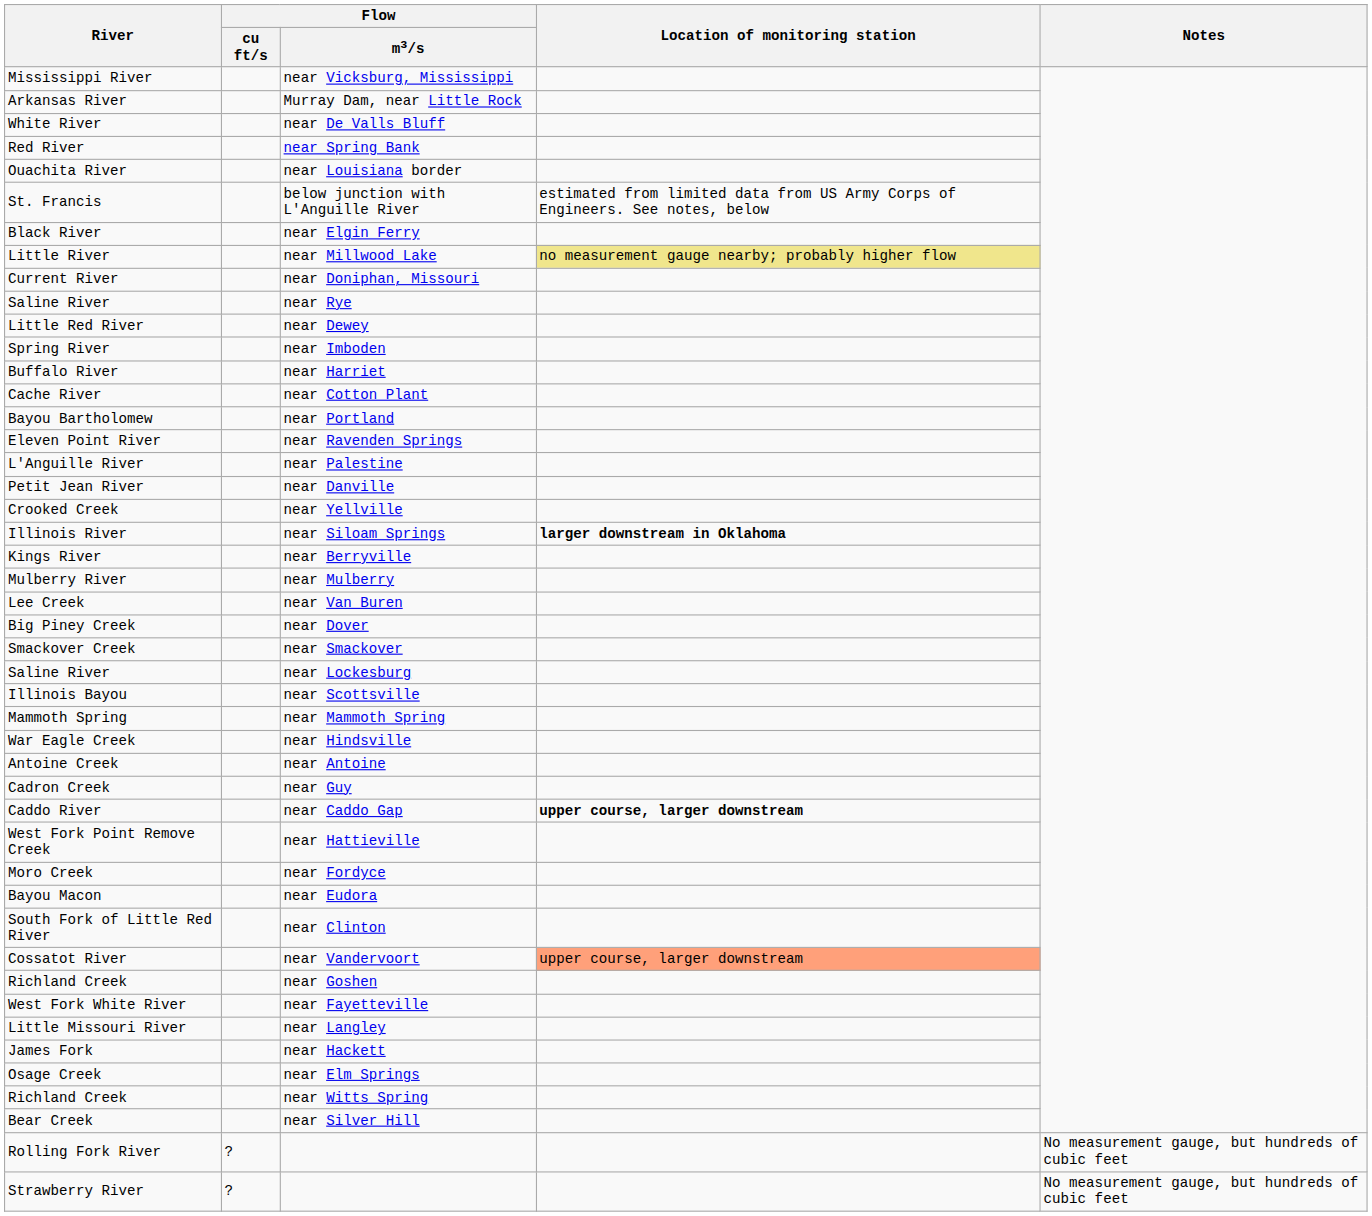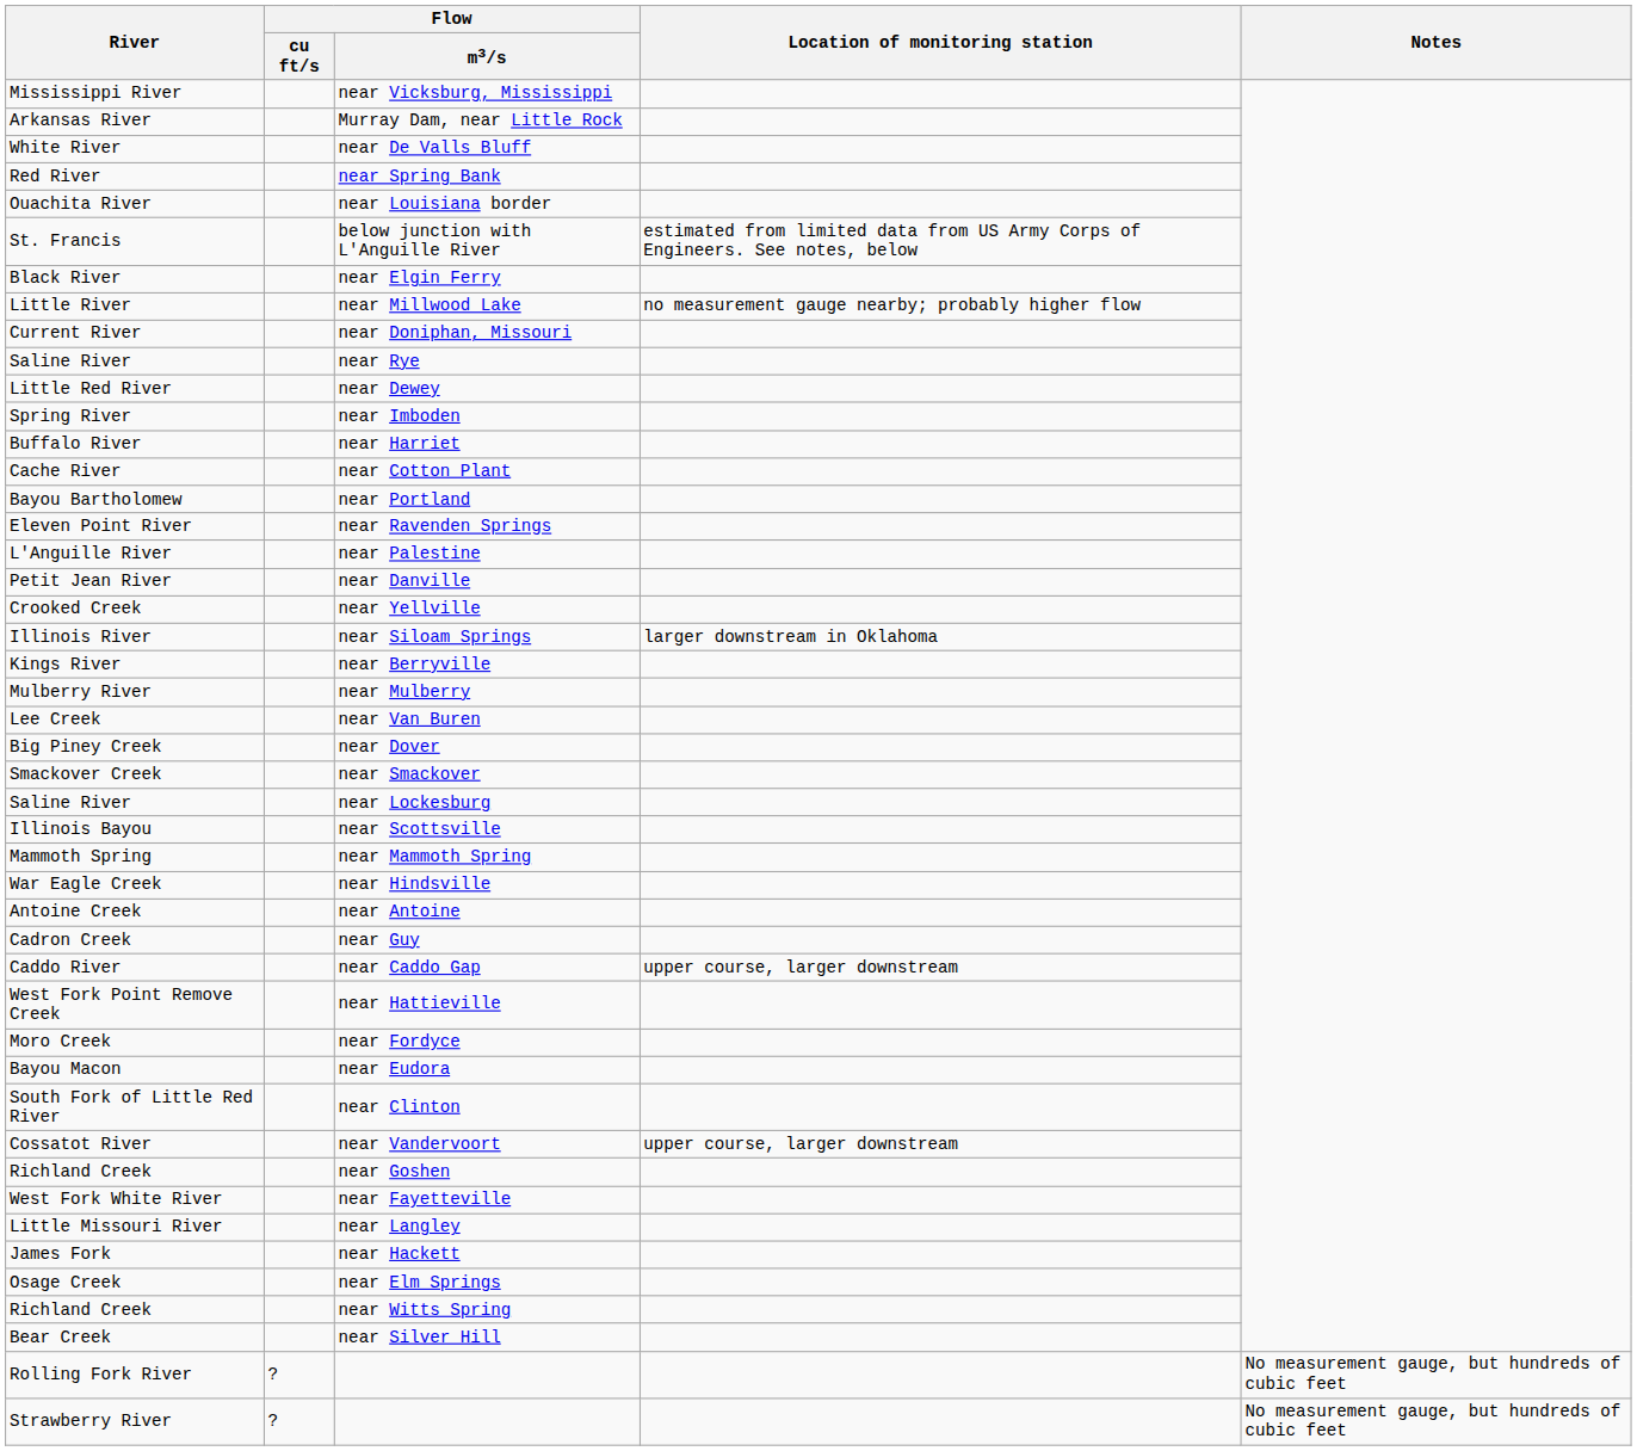 <table class="wikitable sortable">
 <tr>
 <th rowspan=2>River</th>
 <th colspan=2>Flow</th>
 <th rowspan=2>Location of monitoring station</th>
 <th rowspan=2>Notes</th>
 </tr>
 <tr>
 <th>cu ft/s</th>
 <th>m<sup>3</sup>/s</th>
 </tr>
 <tr>
 <td>Mississippi River</td>
 <td></td>
 <td>near <a href='#'>Vicksburg, Mississippi</a></td>
 <td></td>
 </tr>
 <tr>
 <td>Arkansas River</td>
 <td></td>
 <td>Murray Dam, near <a href='#'>Little Rock</a></td>
 <td></td>
 </tr>
 <tr>
 <td>White River</td>
 <td></td>
 <td>near <a href='#'>De Valls Bluff</a></td>
 <td></td>
 </tr>
 <tr>
 <td>Red River</td>
 <td></td>
 <td><a href='#'>near Spring Bank</a></td>
 <td></td>
 </tr>
 <tr>
 <td>Ouachita River</td>
 <td></td>
 <td>near <a href='#'>Louisiana</a> border</td>
 <td></td>
 </tr>
 <tr>
 <td>St. Francis</td>
 <td></td>
 <td>below junction with L'Anguille River</td>
 <td>estimated from limited data from US Army Corps of Engineers. See notes, below</td>
 </tr>
 <tr>
 <td>Black River</td>
 <td></td>
 <td>near <a href='#'>Elgin Ferry</a></td>
 <td></td>
 </tr>
 <tr>
 <td>Little River</td>
 <td></td>
 <td>near <a href='#'>Millwood Lake</a></td>
-<td style="background: khaki;">no measurement gauge nearby; probably  higher flow</td>
+<td>no measurement gauge nearby; probably  higher flow</td>
 </tr>
 <tr>
 <td>Current River</td>
 <td></td>
 <td>near <a href='#'>Doniphan, Missouri</a></td>
 <td></td>
 </tr>
 <tr>
 <td>Saline River</td>
 <td></td>
 <td>near <a href='#'>Rye</a></td>
 <td></td>
 </tr>
 <tr>
 <td>Little Red River</td>
 <td></td>
 <td>near <a href='#'>Dewey</a></td>
 <td></td>
 </tr>
 <tr>
 <td>Spring River</td>
 <td></td>
 <td>near <a href='#'>Imboden</a></td>
 <td></td>
 </tr>
 <tr>
 <td>Buffalo River</td>
 <td></td>
 <td>near <a href='#'>Harriet</a></td>
 <td></td>
 </tr>
 <tr>
 <td>Cache River</td>
 <td></td>
 <td>near <a href='#'>Cotton Plant</a></td>
 <td></td>
 </tr>
 <tr>
 <td>Bayou Bartholomew</td>
 <td></td>
 <td>near <a href='#'>Portland</a></td>
 <td></td>
 </tr>
 <tr>
 <td>Eleven Point River</td>
 <td></td>
 <td>near <a href='#'>Ravenden Springs</a></td>
 <td></td>
 </tr>
 <tr>
 <td>L'Anguille River</td>
 <td></td>
 <td>near <a href='#'>Palestine</a></td>
 <td></td>
 </tr>
 <tr>
 <td>Petit Jean River</td>
 <td></td>
 <td>near <a href='#'>Danville</a></td>
 <td></td>
 </tr>
 <tr>
 <td>Crooked Creek</td>
 <td></td>
 <td>near <a href='#'>Yellville</a></td>
 <td></td>
 </tr>
 <tr>
 <td>Illinois River</td>
 <td></td>
 <td>near <a href='#'>Siloam Springs</a></td>
-<td><strong>larger downstream in Oklahoma</strong></td>
+<td>larger downstream in Oklahoma</td>
 </tr>
 <tr>
 <td>Kings River</td>
 <td></td>
 <td>near <a href='#'>Berryville</a></td>
 <td></td>
 </tr>
 <tr>
 <td>Mulberry River</td>
 <td></td>
 <td>near <a href='#'>Mulberry</a></td>
 <td></td>
 </tr>
 <tr>
 <td>Lee Creek</td>
 <td></td>
 <td>near <a href='#'>Van Buren</a></td>
 <td></td>
 </tr>
 <tr>
 <td>Big Piney Creek</td>
 <td></td>
 <td>near <a href='#'>Dover</a></td>
 <td></td>
 </tr>
 <tr>
 <td>Smackover Creek</td>
 <td></td>
 <td>near <a href='#'>Smackover</a></td>
 <td></td>
 </tr>
 <tr>
 <td>Saline River</td>
 <td></td>
 <td>near <a href='#'>Lockesburg</a></td>
 <td></td>
 </tr>
 <tr>
 <td>Illinois Bayou</td>
 <td></td>
 <td>near <a href='#'>Scottsville</a></td>
 <td></td>
 </tr>
 <tr>
 <td>Mammoth Spring</td>
 <td></td>
 <td>near <a href='#'>Mammoth Spring</a></td>
 <td></td>
 </tr>
 <tr>
 <td>War Eagle Creek</td>
 <td></td>
 <td>near <a href='#'>Hindsville</a></td>
 <td></td>
 </tr>
 <tr>
 <td>Antoine Creek</td>
 <td></td>
 <td>near <a href='#'>Antoine</a></td>
 <td></td>
 </tr>
 <tr>
 <td>Cadron Creek</td>
 <td></td>
 <td>near <a href='#'>Guy</a></td>
 <td></td>
 </tr>
 <tr>
 <td>Caddo River</td>
 <td></td>
 <td>near <a href='#'>Caddo Gap</a></td>
-<td><strong>upper course, larger downstream</strong></td>
+<td>upper course, larger downstream</td>
 </tr>
 <tr>
 <td>West Fork Point Remove Creek</td>
 <td></td>
 <td>near <a href='#'>Hattieville</a></td>
 <td></td>
 </tr>
 <tr>
 <td>Moro Creek</td>
 <td></td>
 <td>near <a href='#'>Fordyce</a></td>
 <td></td>
 </tr>
 <tr>
 <td>Bayou Macon</td>
 <td></td>
 <td>near <a href='#'>Eudora</a></td>
 <td></td>
 </tr>
 <tr>
 <td>South Fork of Little Red River</td>
 <td></td>
 <td>near <a href='#'>Clinton</a></td>
 <td></td>
 </tr>
 <tr>
 <td>Cossatot River</td>
 <td></td>
 <td>near <a href='#'>Vandervoort</a></td>
-<td style="background: lightsalmon;">upper course, larger downstream</td>
+<td>upper course, larger downstream</td>
 </tr>
 <tr>
 <td>Richland Creek</td>
 <td></td>
 <td>near <a href='#'>Goshen</a></td>
 <td></td>
 </tr>
 <tr>
 <td>West Fork White River</td>
 <td></td>
 <td>near <a href='#'>Fayetteville</a></td>
 <td></td>
 </tr>
 <tr>
 <td>Little Missouri River</td>
 <td></td>
 <td>near <a href='#'>Langley</a></td>
 <td></td>
 </tr>
 <tr>
 <td>James Fork</td>
 <td></td>
 <td>near <a href='#'>Hackett</a></td>
 <td></td>
 </tr>
 <tr>
 <td>Osage Creek</td>
 <td></td>
 <td>near <a href='#'>Elm Springs</a></td>
 <td></td>
 </tr>
 <tr>
 <td>Richland Creek</td>
 <td></td>
 <td>near <a href='#'>Witts Spring</a></td>
 <td></td>
 </tr>
 <tr>
 <td>Bear Creek</td>
 <td></td>
 <td>near <a href='#'>Silver Hill</a></td>
 <td></td>
 </tr>
 <tr>
 <td>Rolling Fork River</td>
 <td>?</td>
 <td></td>
 <td></td>
 <td>No measurement gauge, but hundreds of cubic feet</td>
 </tr>
 <tr>
 <td>Strawberry River</td>
 <td>?</td>
 <td></td>
 <td></td>
 <td>No measurement gauge, but hundreds of cubic feet</td>
 </tr>
 </table>
